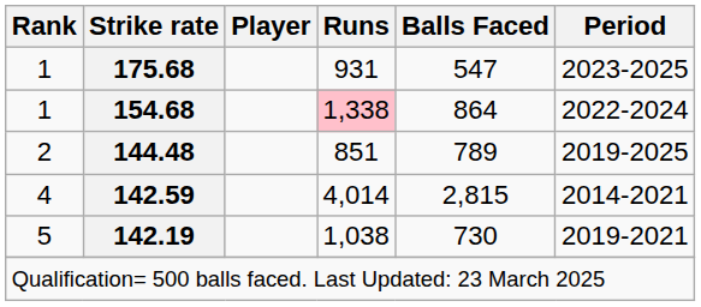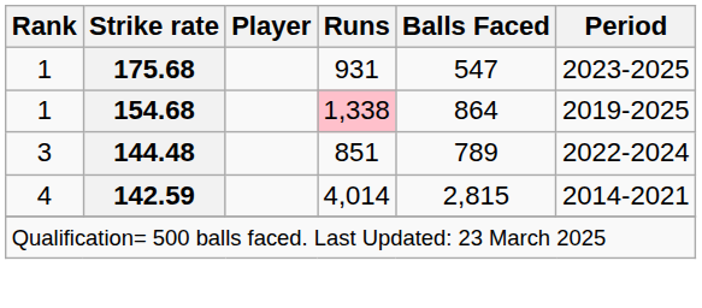 <table class="wikitable">
 <tr>
 <th style="text-align:center;">Rank</th>
 <th style="text-align:center;">Strike rate</th>
 <th style="text-align:center;">Player</th>
 <th style="text-align:center;">Runs</th>
 <th style="text-align:center;">Balls Faced</th>
 <th style="text-align:center;">Period</th>
 </tr>
 <tr>
 <td align=center>1</td>
 <th scope=row style=text-align:center;>175.68</th>
 <td></td>
 <td align=center>931</td>
 <td align=center>547</td>
 <td>2023-2025</td>
 </tr>
 <tr>
 <td align=center>1</td>
 <th scope=row style=text-align:center;>154.68</th>
 <td></td>
 <td align=center style="background: pink;">1,338</td>
 <td align=center>864</td>
-<td>2022-2024</td>
+<td>2019-2025</td>
 </tr>
 <tr>
-<td align=center>2</td>
+<td align=center>3</td>
 <th scope=row style=text-align:center;>144.48</th>
 <td></td>
 <td align=center>851</td>
 <td align=center>789</td>
-<td>2019-2025</td>
+<td>2022-2024</td>
 </tr>
 <tr>
 <td align=center>4</td>
 <th scope=row style=text-align:center;>142.59</th>
 <td></td>
 <td align=center>4,014</td>
 <td align=center>2,815</td>
 <td>2014-2021</td>
 </tr>
 <tr>
-<td align=center>5</td>
-<th scope=row style=text-align:center;>142.19</th>
-<td></td>
-<td align=center>1,038</td>
-<td align=center>730</td>
-<td>2019-2021</td>
-</tr>
-<tr>
 </tr>
 <tr class=sortbottom>
 <td colspan=6><small>Qualification= 500 balls faced. Last Updated: 23 March 2025</small></td>
 </tr>
 </table>
